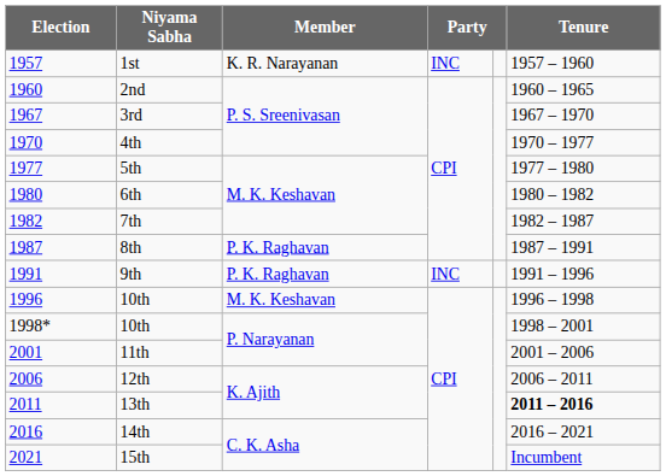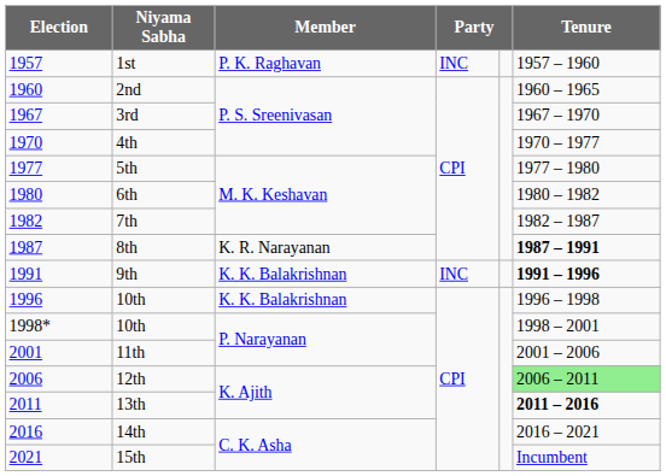 <table class="wikitable sortable" width="50%" style="font-size: x-big;">
 <tr>
 <th style="background-color:#666666; color:white">Election</th>
 <th style="background-color:#666666; color:white">Niyama<br>Sabha</th>
 <th style="background-color:#666666; color:white">Member</th>
 <th colspan="2" style="background-color:#666666; color:white">Party</th>
 <th style="background-color:#666666; color:white">Tenure</th>
 </tr>
 <tr>
 <td><a href='#'>1957</a></td>
 <td>1st</td>
-<td>K. R. Narayanan</td>
+<td><a href='#'>P. K. Raghavan</a></td>
 <td><a href='#'>INC</a></td>
 <td style="background-color: "></td>
 <td>1957 – 1960</td>
 </tr>
 <tr>
 <td><a href='#'>1960</a></td>
 <td>2nd</td>
 <td rowspan="3"><a href='#'>P. S. Sreenivasan</a></td>
 <td rowspan="7"><a href='#'>CPI</a></td>
 <td rowspan="7" style="background-color: "></td>
 <td>1960 – 1965</td>
 </tr>
 <tr>
 <td><a href='#'>1967</a></td>
 <td>3rd</td>
 <td>1967 – 1970</td>
 </tr>
 <tr>
 <td><a href='#'>1970</a></td>
 <td>4th</td>
 <td>1970 – 1977</td>
 </tr>
 <tr>
 <td><a href='#'>1977</a></td>
 <td>5th</td>
 <td rowspan="3"><a href='#'>M. K. Keshavan</a></td>
 <td>1977 – 1980</td>
 </tr>
 <tr>
 <td><a href='#'>1980</a></td>
 <td>6th</td>
 <td>1980 – 1982</td>
 </tr>
 <tr>
 <td><a href='#'>1982</a></td>
 <td>7th</td>
 <td>1982 – 1987</td>
 </tr>
 <tr>
 <td><a href='#'>1987</a></td>
 <td>8th</td>
-<td><a href='#'>P. K. Raghavan</a></td>
-<td>1987 – 1991</td>
+<td>K. R. Narayanan</td>
+<td><strong>1987 – 1991</strong></td>
 </tr>
 <tr>
 <td><a href='#'>1991</a></td>
 <td>9th</td>
-<td><a href='#'>P. K. Raghavan</a></td>
+<td><a href='#'>K. K. Balakrishnan</a></td>
 <td><a href='#'>INC</a></td>
 <td style="background-color: "></td>
-<td>1991 – 1996</td>
+<td><strong>1991 – 1996</strong></td>
 </tr>
 <tr>
 <td><a href='#'>1996</a></td>
 <td>10th</td>
-<td><a href='#'>M. K. Keshavan</a></td>
+<td><a href='#'>K. K. Balakrishnan</a></td>
 <td rowspan="7"><a href='#'>CPI</a></td>
 <td rowspan="7" style="background-color: "></td>
 <td>1996 – 1998</td>
 </tr>
 <tr>
 <td>1998*</td>
 <td>10th</td>
 <td rowspan="2"><a href='#'>P. Narayanan</a></td>
 <td>1998 – 2001</td>
 </tr>
 <tr>
 <td><a href='#'>2001</a></td>
 <td>11th</td>
 <td>2001 – 2006</td>
 </tr>
 <tr>
 <td><a href='#'>2006</a></td>
 <td>12th</td>
 <td rowspan="2"><a href='#'>K. Ajith</a></td>
-<td>2006 – 2011</td>
+<td style="background: lightgreen;">2006 – 2011</td>
 </tr>
 <tr>
 <td><a href='#'>2011</a></td>
 <td>13th</td>
 <td><strong>2011 – 2016</strong></td>
 </tr>
 <tr>
 <td><a href='#'>2016</a></td>
 <td>14th</td>
 <td rowspan="2"><a href='#'>C. K. Asha</a></td>
 <td>2016 – 2021</td>
 </tr>
 <tr>
 <td><a href='#'>2021</a></td>
 <td>15th</td>
 <td><a href='#'>Incumbent</a></td>
 </tr>
 </table>
